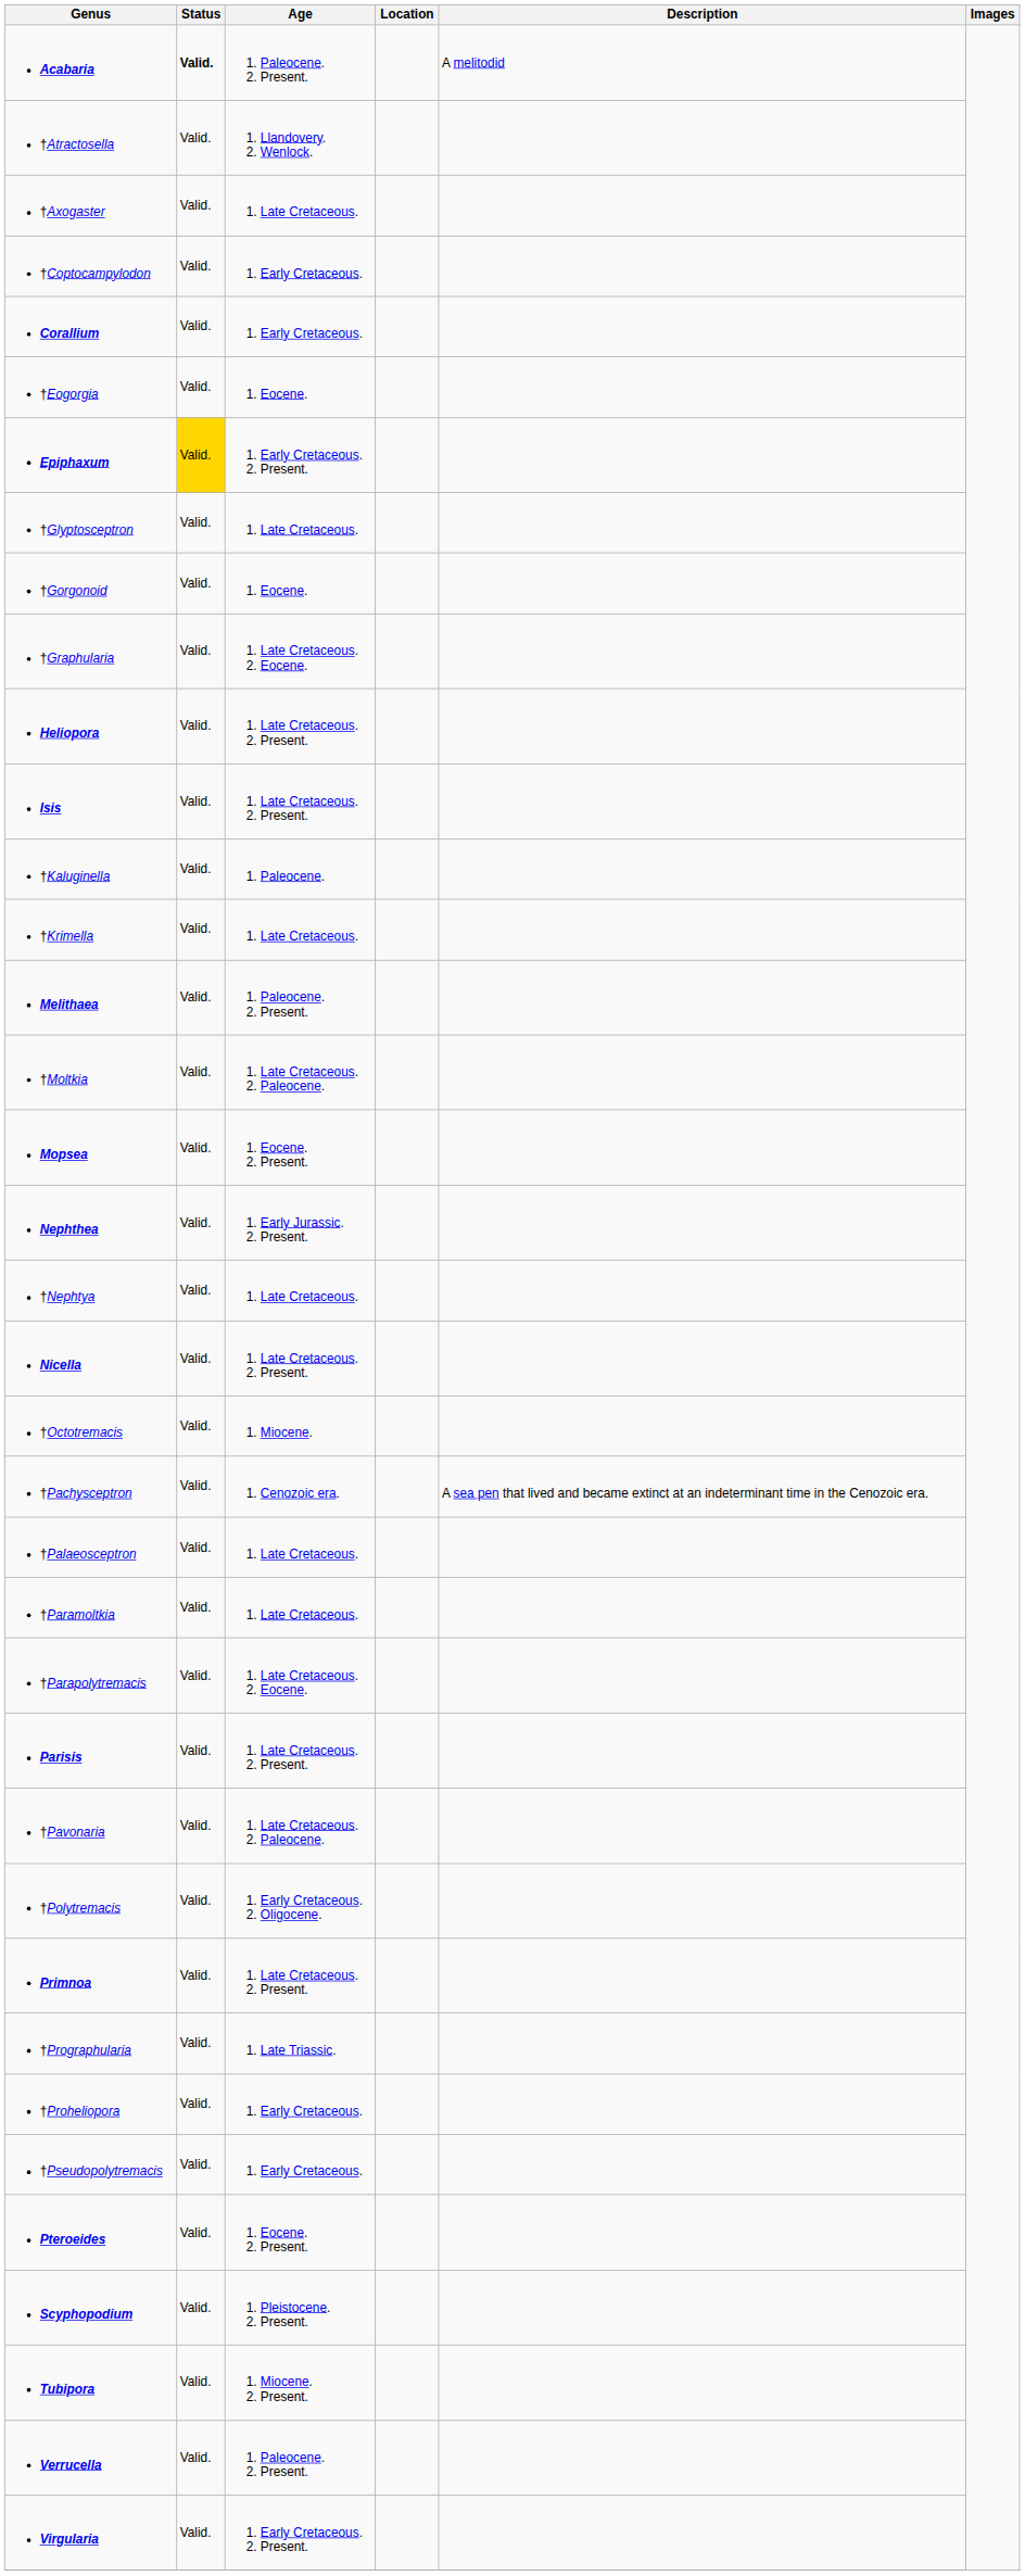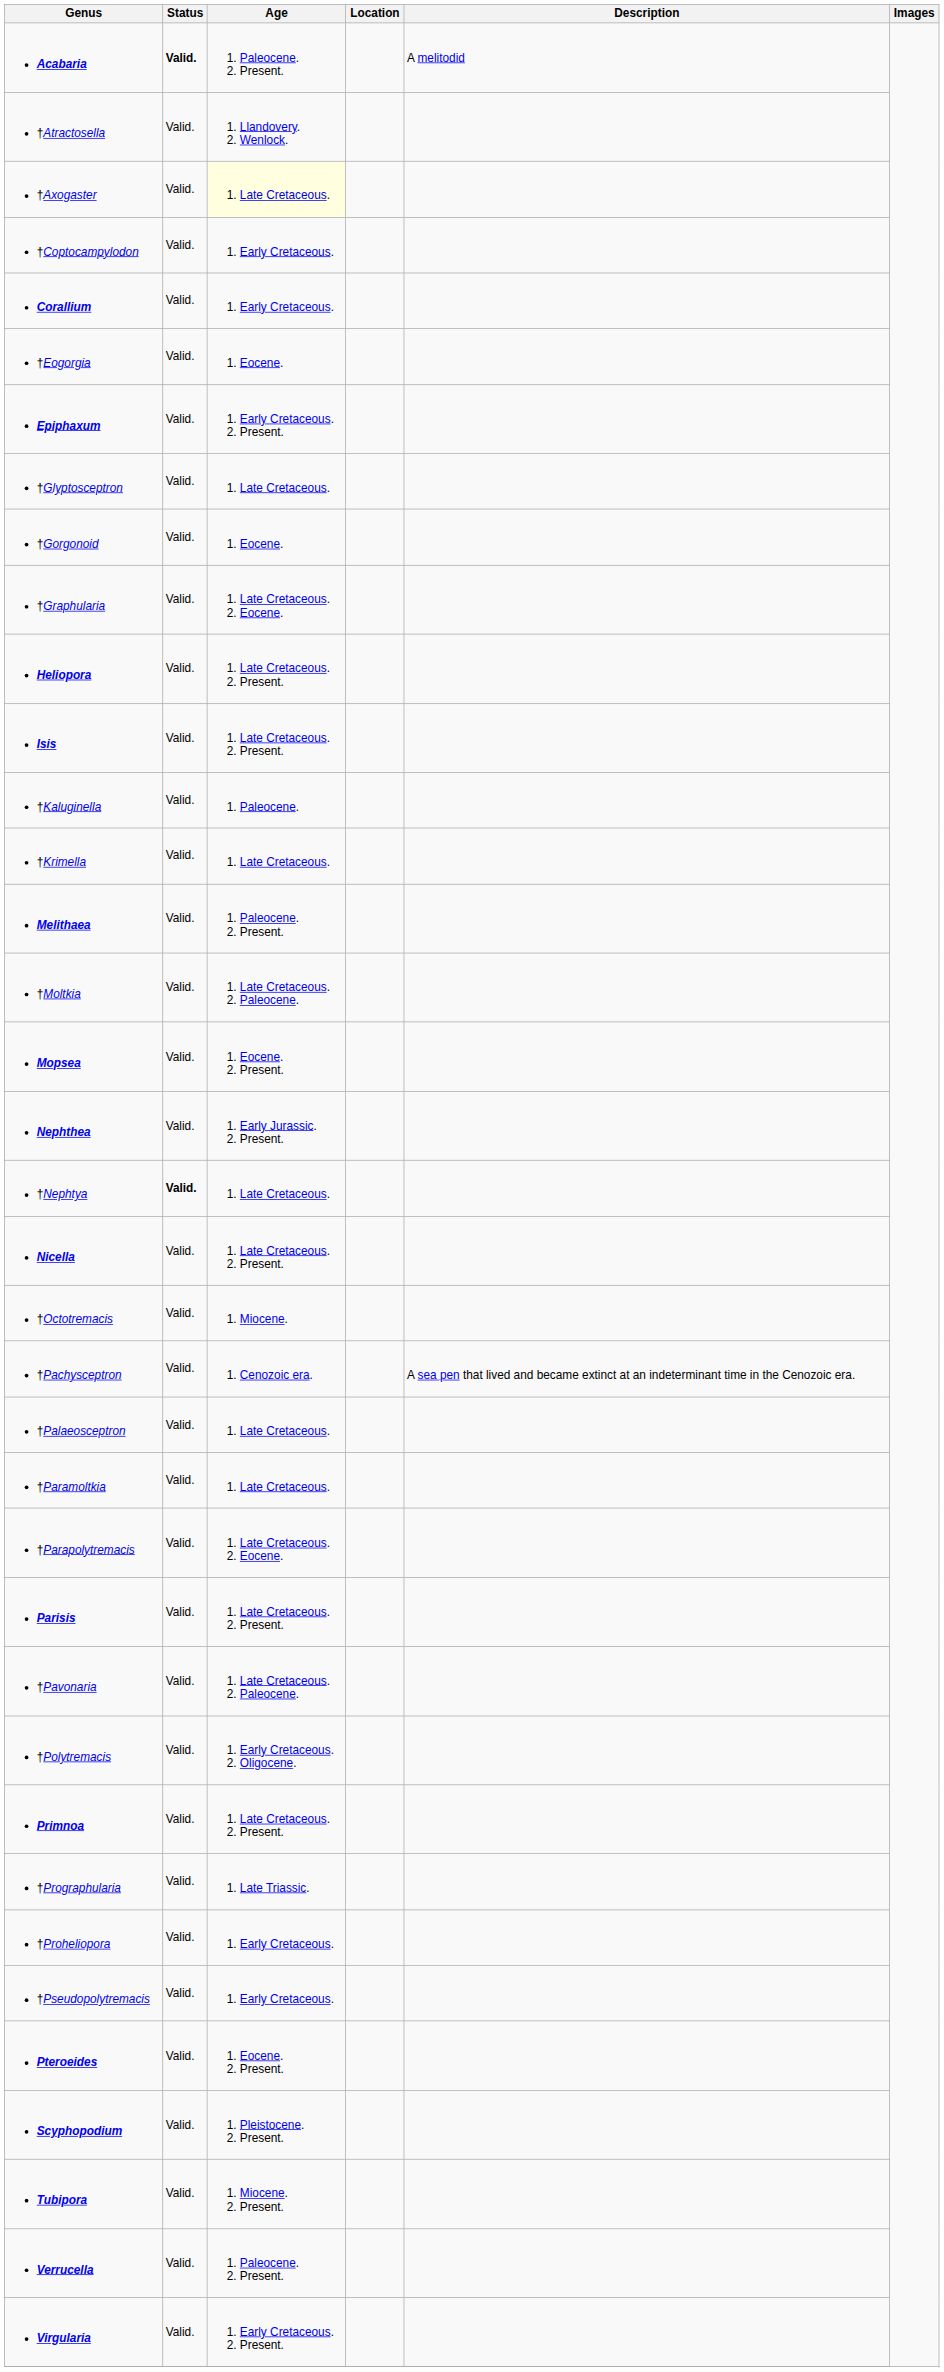 <table class="wikitable sortable" align="center" width="100%">
 <tr>
 <th>Genus</th>
 <th>Status</th>
 <th>Age</th>
 <th>Location</th>
 <th class="unsortable">Description</th>
 <th class="unsortable">Images</th>
 </tr>
 <tr>
 <td><br><ul><li><strong><em><a href='#'>Acabaria</a></em></strong></li></ul></td>
 <td><strong>Valid.</strong></td>
 <td><br><ol><li><a href='#'>Paleocene</a>.</li><li>Present.</li></ol></td>
 <td></td>
 <td>A <a href='#'>melitodid</a></td>
 <td rowspan="120"></td>
 </tr>
 <tr>
 <td><br><ul><li>†<em><a href='#'>Atractosella</a></em></li></ul></td>
 <td>Valid.</td>
 <td><br><ol><li><a href='#'>Llandovery</a>.</li><li><a href='#'>Wenlock</a>.</li></ol></td>
 <td></td>
 <td></td>
 </tr>
 <tr>
 <td><br><ul><li>†<em><a href='#'>Axogaster</a></em></li></ul></td>
 <td>Valid.</td>
-<td><br><ol><li><a href='#'>Late Cretaceous</a>.</li></ol></td>
+<td style="background: lightyellow;"><br><ol><li><a href='#'>Late Cretaceous</a>.</li></ol></td>
 <td></td>
 <td></td>
 </tr>
 <tr>
 <td><br><ul><li>†<em><a href='#'>Coptocampylodon</a></em></li></ul></td>
 <td>Valid.</td>
 <td><br><ol><li><a href='#'>Early Cretaceous</a>.</li></ol></td>
 <td></td>
 <td></td>
 </tr>
 <tr>
 <td><br><ul><li><strong><em><a href='#'>Corallium</a></em></strong></li></ul></td>
 <td>Valid.</td>
 <td><br><ol><li><a href='#'>Early Cretaceous</a>.</li></ol></td>
 <td></td>
 <td></td>
 </tr>
 <tr>
 <td><br><ul><li>†<em><a href='#'>Eogorgia</a></em></li></ul></td>
 <td>Valid.</td>
 <td><br><ol><li><a href='#'>Eocene</a>.</li></ol></td>
 <td></td>
 <td></td>
 </tr>
 <tr>
 <td><br><ul><li><strong><em><a href='#'>Epiphaxum</a></em></strong></li></ul></td>
-<td style="background: gold;">Valid.</td>
+<td>Valid.</td>
 <td><br><ol><li><a href='#'>Early Cretaceous</a>.</li><li>Present.</li></ol></td>
 <td></td>
 <td></td>
 </tr>
 <tr>
 <td><br><ul><li>†<em><a href='#'>Glyptosceptron</a></em></li></ul></td>
 <td>Valid.</td>
 <td><br><ol><li><a href='#'>Late Cretaceous</a>.</li></ol></td>
 <td></td>
 <td></td>
 </tr>
 <tr>
 <td><br><ul><li>†<em><a href='#'>Gorgonoid</a></em></li></ul></td>
 <td>Valid.</td>
 <td><br><ol><li><a href='#'>Eocene</a>.</li></ol></td>
 <td></td>
 <td></td>
 </tr>
 <tr>
 <td><br><ul><li>†<em><a href='#'>Graphularia</a></em></li></ul></td>
 <td>Valid.</td>
 <td><br><ol><li><a href='#'>Late Cretaceous</a>.</li><li><a href='#'>Eocene</a>.</li></ol></td>
 <td></td>
 <td></td>
 </tr>
 <tr>
 <td><br><ul><li><strong><em><a href='#'>Heliopora</a></em></strong></li></ul></td>
 <td>Valid.</td>
 <td><br><ol><li><a href='#'>Late Cretaceous</a>.</li><li>Present.</li></ol></td>
 <td></td>
 <td></td>
 </tr>
 <tr>
 <td><br><ul><li><strong><em><a href='#'>Isis</a></em></strong></li></ul></td>
 <td>Valid.</td>
 <td><br><ol><li><a href='#'>Late Cretaceous</a>.</li><li>Present.</li></ol></td>
 <td></td>
 <td></td>
 </tr>
 <tr>
 <td><br><ul><li>†<em><a href='#'>Kaluginella</a></em></li></ul></td>
 <td>Valid.</td>
 <td><br><ol><li><a href='#'>Paleocene</a>.</li></ol></td>
 <td></td>
 <td></td>
 </tr>
 <tr>
 <td><br><ul><li>†<em><a href='#'>Krimella</a></em></li></ul></td>
 <td>Valid.</td>
 <td><br><ol><li><a href='#'>Late Cretaceous</a>.</li></ol></td>
 <td></td>
 <td></td>
 </tr>
 <tr>
 <td><br><ul><li><strong><em><a href='#'>Melithaea</a></em></strong></li></ul></td>
 <td>Valid.</td>
 <td><br><ol><li><a href='#'>Paleocene</a>.</li><li>Present.</li></ol></td>
 <td></td>
 <td></td>
 </tr>
 <tr>
 <td><br><ul><li>†<em><a href='#'>Moltkia</a></em></li></ul></td>
 <td>Valid.</td>
 <td><br><ol><li><a href='#'>Late Cretaceous</a>.</li><li><a href='#'>Paleocene</a>.</li></ol></td>
 <td></td>
 <td></td>
 </tr>
 <tr>
 <td><br><ul><li><strong><em><a href='#'>Mopsea</a></em></strong></li></ul></td>
 <td>Valid.</td>
 <td><br><ol><li><a href='#'>Eocene</a>.</li><li>Present.</li></ol></td>
 <td></td>
 <td></td>
 </tr>
 <tr>
 <td><br><ul><li><strong><em><a href='#'>Nephthea</a></em></strong></li></ul></td>
 <td>Valid.</td>
 <td><br><ol><li><a href='#'>Early Jurassic</a>.</li><li>Present.</li></ol></td>
 <td></td>
 <td></td>
 </tr>
 <tr>
 <td><br><ul><li>†<em><a href='#'>Nephtya</a></em></li></ul></td>
-<td>Valid.</td>
+<td><strong>Valid.</strong></td>
 <td><br><ol><li><a href='#'>Late Cretaceous</a>.</li></ol></td>
 <td></td>
 <td></td>
 </tr>
 <tr>
 <td><br><ul><li><strong><em><a href='#'>Nicella</a></em></strong></li></ul></td>
 <td>Valid.</td>
 <td><br><ol><li><a href='#'>Late Cretaceous</a>.</li><li>Present.</li></ol></td>
 <td></td>
 <td></td>
 </tr>
 <tr>
 <td><br><ul><li>†<em><a href='#'>Octotremacis</a></em></li></ul></td>
 <td>Valid.</td>
 <td><br><ol><li><a href='#'>Miocene</a>.</li></ol></td>
 <td></td>
 <td></td>
 </tr>
 <tr>
 <td><br><ul><li>†<em><a href='#'>Pachysceptron</a></em></li></ul></td>
 <td>Valid.</td>
 <td><br><ol><li><a href='#'>Cenozoic era</a>.</li></ol></td>
 <td></td>
 <td><br>A <a href='#'>sea pen</a> that lived and became extinct at an indeterminant time in the Cenozoic era.</td>
 </tr>
 <tr>
 <td><br><ul><li>†<em><a href='#'>Palaeosceptron</a></em></li></ul></td>
 <td>Valid.</td>
 <td><br><ol><li><a href='#'>Late Cretaceous</a>.</li></ol></td>
 <td></td>
 <td></td>
 </tr>
 <tr>
 <td><br><ul><li>†<em><a href='#'>Paramoltkia</a></em></li></ul></td>
 <td>Valid.</td>
 <td><br><ol><li><a href='#'>Late Cretaceous</a>.</li></ol></td>
 <td></td>
 <td></td>
 </tr>
 <tr>
 <td><br><ul><li>†<em><a href='#'>Parapolytremacis</a></em></li></ul></td>
 <td>Valid.</td>
 <td><br><ol><li><a href='#'>Late Cretaceous</a>.</li><li><a href='#'>Eocene</a>.</li></ol></td>
 <td></td>
 <td></td>
 </tr>
 <tr>
 <td><br><ul><li><strong><em><a href='#'>Parisis</a></em></strong></li></ul></td>
 <td>Valid.</td>
 <td><br><ol><li><a href='#'>Late Cretaceous</a>.</li><li>Present.</li></ol></td>
 <td></td>
 <td></td>
 </tr>
 <tr>
 <td><br><ul><li>†<em><a href='#'>Pavonaria</a></em></li></ul></td>
 <td>Valid.</td>
 <td><br><ol><li><a href='#'>Late Cretaceous</a>.</li><li><a href='#'>Paleocene</a>.</li></ol></td>
 <td></td>
 <td></td>
 </tr>
 <tr>
 <td><br><ul><li>†<em><a href='#'>Polytremacis</a></em></li></ul></td>
 <td>Valid.</td>
 <td><br><ol><li><a href='#'>Early Cretaceous</a>.</li><li><a href='#'>Oligocene</a>.</li></ol></td>
 <td></td>
 <td></td>
 </tr>
 <tr>
 <td><br><ul><li><strong><em><a href='#'>Primnoa</a></em></strong></li></ul></td>
 <td>Valid.</td>
 <td><br><ol><li><a href='#'>Late Cretaceous</a>.</li><li>Present.</li></ol></td>
 <td></td>
 <td></td>
 </tr>
 <tr>
 <td><br><ul><li>†<em><a href='#'>Prographularia</a></em></li></ul></td>
 <td>Valid.</td>
 <td><br><ol><li><a href='#'>Late Triassic</a>.</li></ol></td>
 <td></td>
 <td></td>
 </tr>
 <tr>
 <td><br><ul><li>†<em><a href='#'>Proheliopora</a></em></li></ul></td>
 <td>Valid.</td>
 <td><br><ol><li><a href='#'>Early Cretaceous</a>.</li></ol></td>
 <td></td>
 <td></td>
 </tr>
 <tr>
 <td><br><ul><li>†<em><a href='#'>Pseudopolytremacis</a></em></li></ul></td>
 <td>Valid.</td>
 <td><br><ol><li><a href='#'>Early Cretaceous</a>.</li></ol></td>
 <td></td>
 <td></td>
 </tr>
 <tr>
 <td><br><ul><li><strong><em><a href='#'>Pteroeides</a></em></strong></li></ul></td>
 <td>Valid.</td>
 <td><br><ol><li><a href='#'>Eocene</a>.</li><li>Present.</li></ol></td>
 <td></td>
 <td></td>
 </tr>
 <tr>
 <td><br><ul><li><strong><em><a href='#'>Scyphopodium</a></em></strong></li></ul></td>
 <td>Valid.</td>
 <td><br><ol><li><a href='#'>Pleistocene</a>.</li><li>Present.</li></ol></td>
 <td></td>
 <td></td>
 </tr>
 <tr>
 <td><br><ul><li><strong><em><a href='#'>Tubipora</a></em></strong></li></ul></td>
 <td>Valid.</td>
 <td><br><ol><li><a href='#'>Miocene</a>.</li><li>Present.</li></ol></td>
 <td></td>
 <td></td>
 </tr>
 <tr>
 <td><br><ul><li><strong><em><a href='#'>Verrucella</a></em></strong></li></ul></td>
 <td>Valid.</td>
 <td><br><ol><li><a href='#'>Paleocene</a>.</li><li>Present.</li></ol></td>
 <td></td>
 <td></td>
 </tr>
 <tr>
 <td><br><ul><li><strong><em><a href='#'>Virgularia</a></em></strong></li></ul></td>
 <td>Valid.</td>
 <td><br><ol><li><a href='#'>Early Cretaceous</a>.</li><li>Present.</li></ol></td>
 <td></td>
 <td></td>
 </tr>
 <tr>
 </tr>
 </table>
